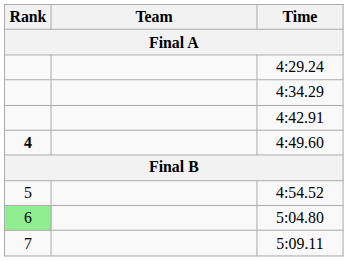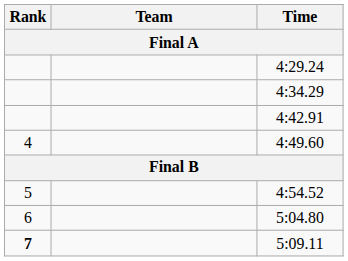 <table class=wikitable style="text-align:center">
 <tr>
 <th width=40>Rank</th>
 <th width=200>Team</th>
 <th width=80>Time</th>
 </tr>
 <tr>
 <th colspan=3>Final A</th>
 </tr>
 <tr>
 <td></td>
 <td align=left></td>
 <td>4:29.24</td>
 </tr>
 <tr>
 <td></td>
 <td align=left></td>
 <td>4:34.29</td>
 </tr>
 <tr>
 <td></td>
 <td align=left></td>
 <td>4:42.91</td>
 </tr>
 <tr>
-<td><strong>4</strong></td>
+<td>4</td>
 <td align=left></td>
 <td>4:49.60</td>
 </tr>
 <tr>
 <th colspan=3>Final B</th>
 </tr>
 <tr>
 <td>5</td>
 <td align=left></td>
 <td>4:54.52</td>
 </tr>
 <tr>
-<td style="background: lightgreen;">6</td>
+<td>6</td>
 <td align=left></td>
 <td>5:04.80</td>
 </tr>
 <tr>
-<td>7</td>
+<td><strong>7</strong></td>
 <td align=left></td>
 <td>5:09.11</td>
 </tr>
 </table>
